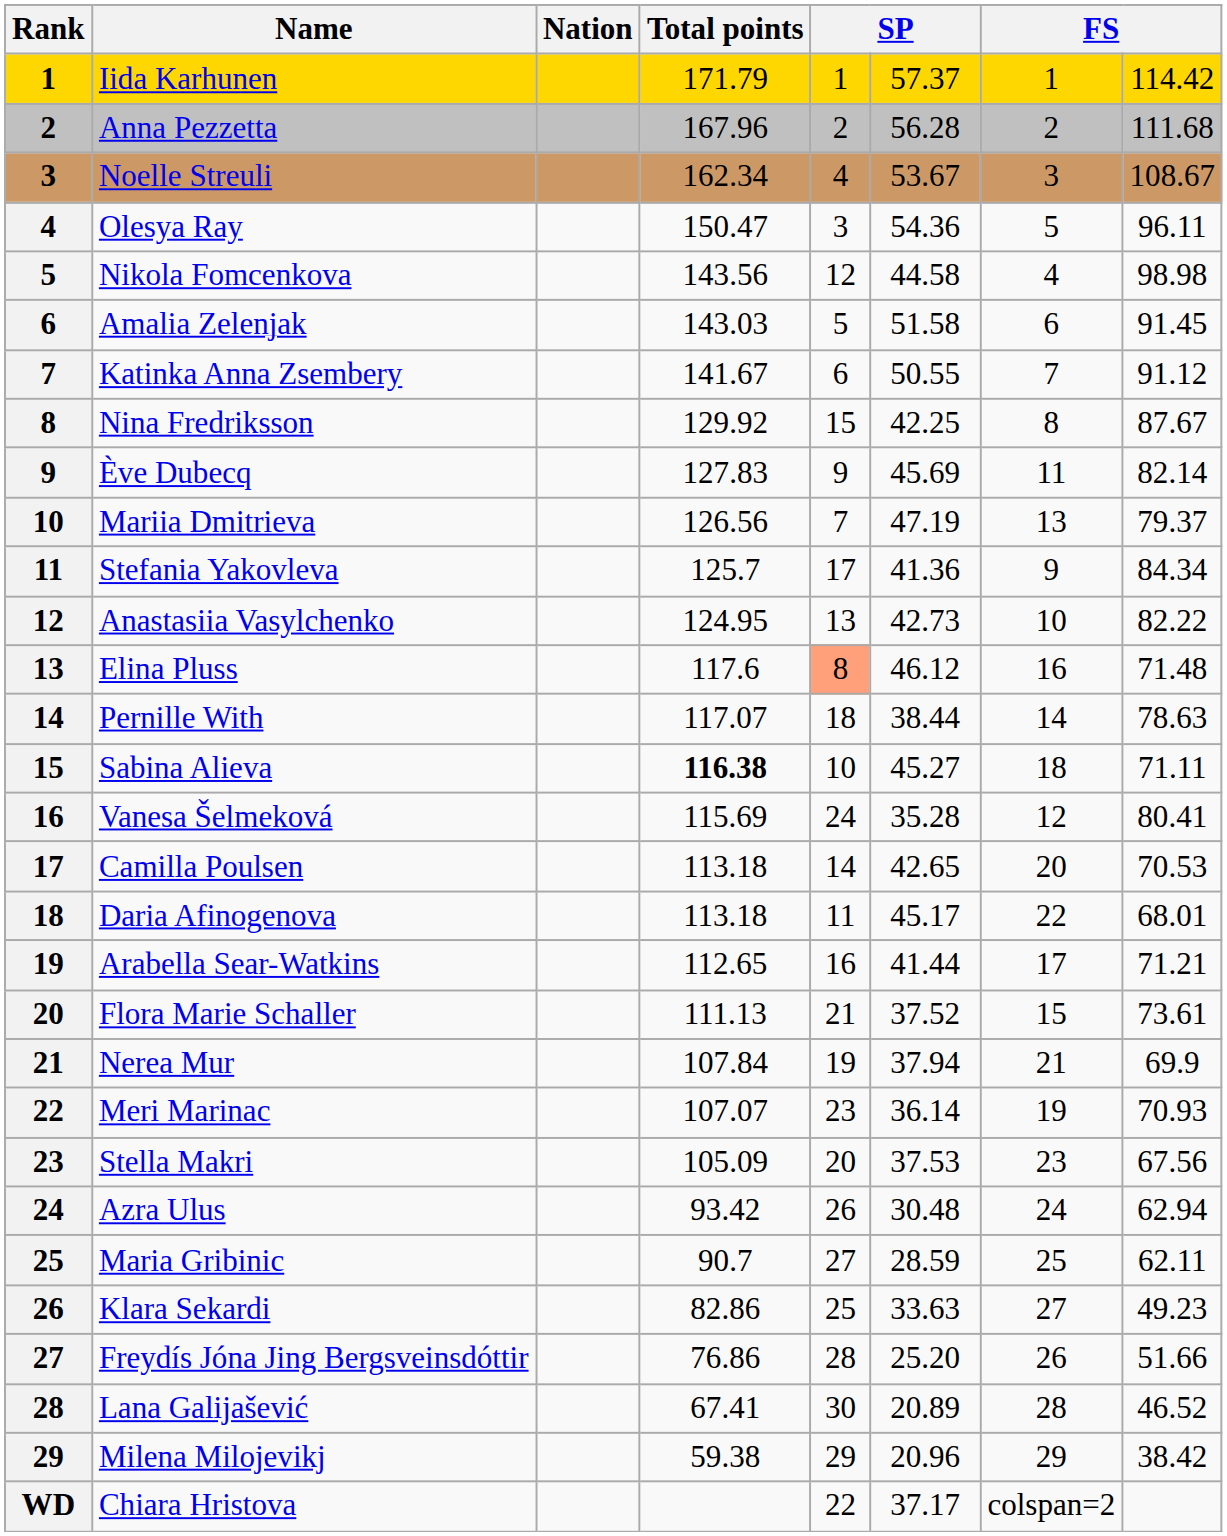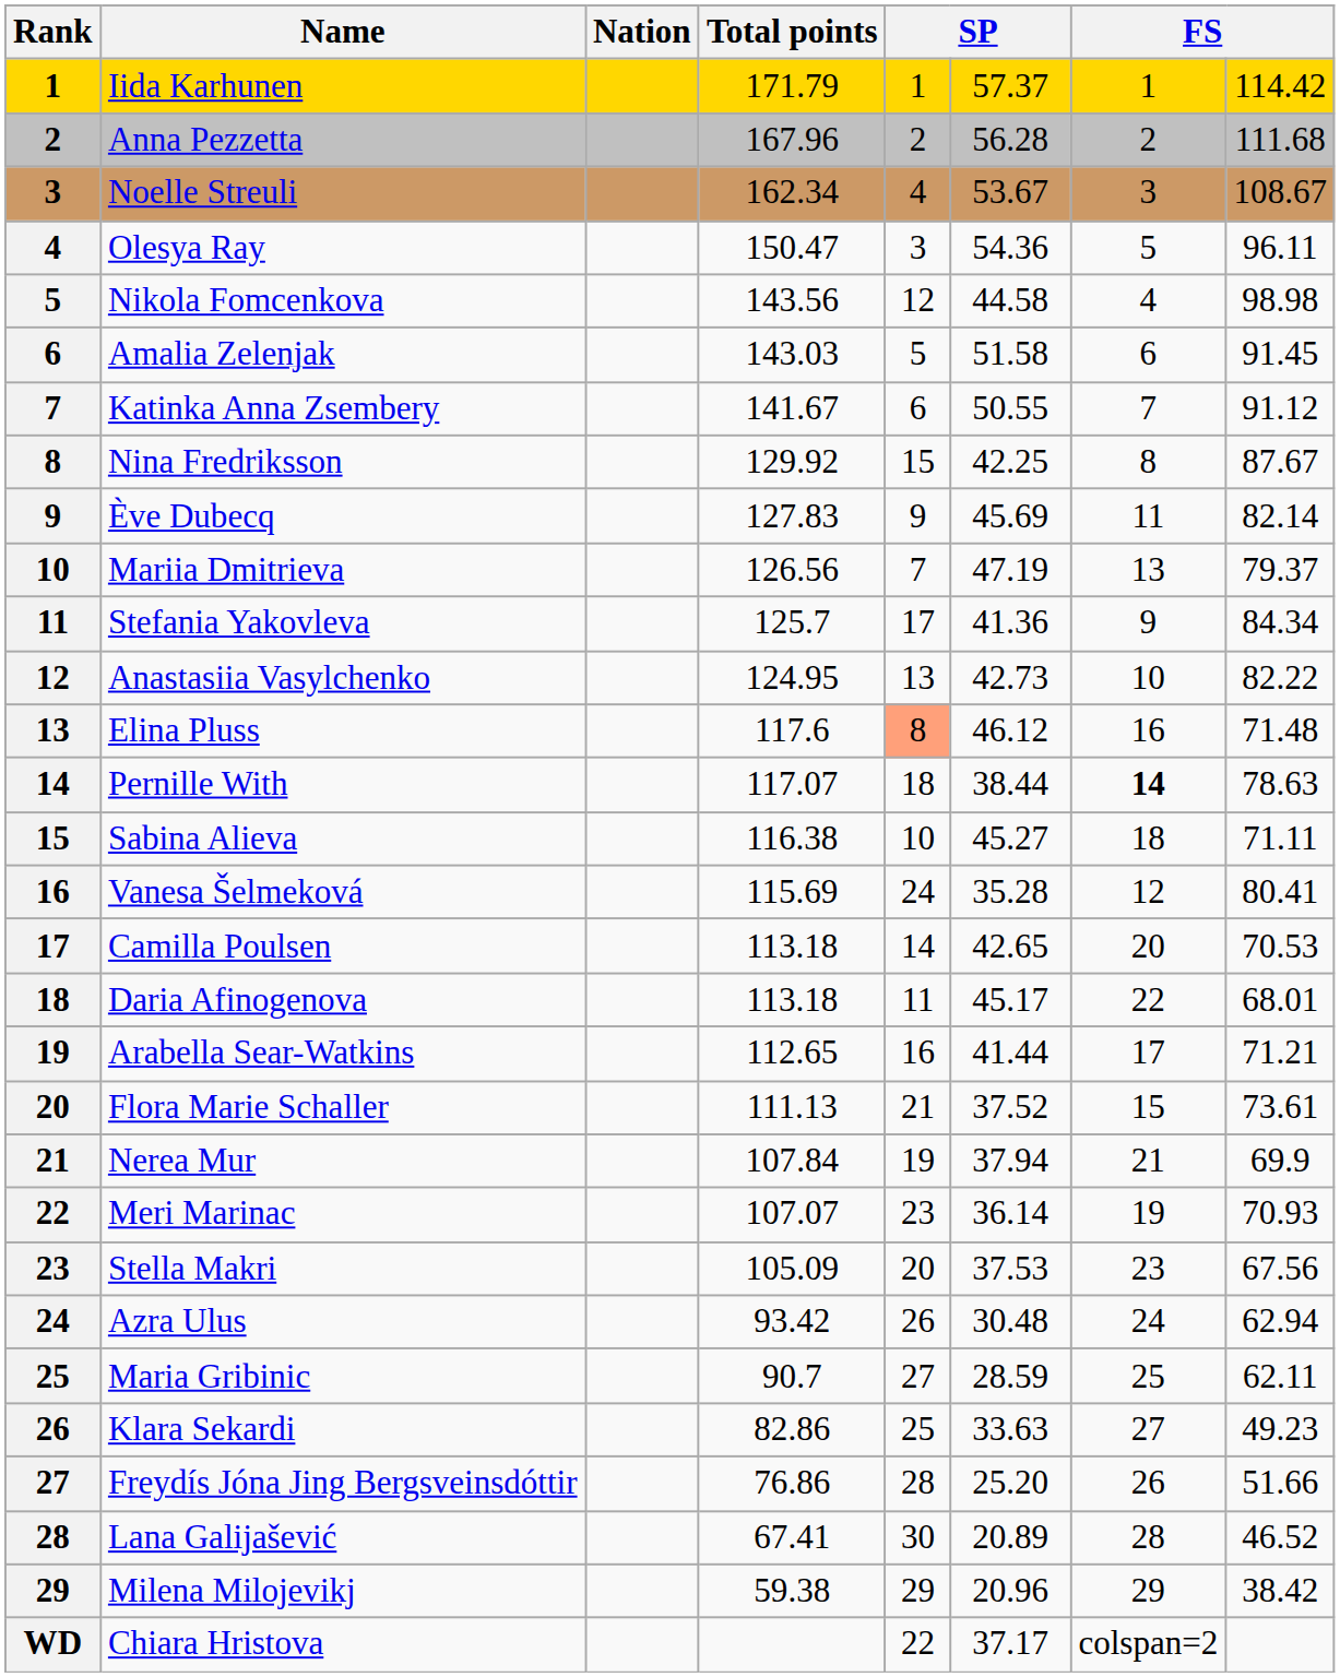 <table class="wikitable sortable" style="text-align:center;">
 <tr>
 <th>Rank</th>
 <th>Name</th>
 <th>Nation</th>
 <th>Total points</th>
 <th colspan="2" width="80px"><a href='#'>SP</a></th>
 <th colspan="2" width="80px"><a href='#'>FS</a></th>
 </tr>
 <tr bgcolor="gold">
 <td><strong>1</strong></td>
 <td align="left"><a href='#'>Iida Karhunen</a></td>
 <td align="left"></td>
 <td>171.79</td>
 <td>1</td>
 <td>57.37</td>
 <td>1</td>
 <td>114.42</td>
 </tr>
 <tr bgcolor="silver">
 <td><strong>2</strong></td>
 <td align="left"><a href='#'>Anna Pezzetta</a></td>
 <td align="left"></td>
 <td>167.96</td>
 <td>2</td>
 <td>56.28</td>
 <td>2</td>
 <td>111.68</td>
 </tr>
 <tr bgcolor="CC9966">
 <td><strong>3</strong></td>
 <td align="left"><a href='#'>Noelle Streuli</a></td>
 <td align="left"></td>
 <td>162.34</td>
 <td>4</td>
 <td>53.67</td>
 <td>3</td>
 <td>108.67</td>
 </tr>
 <tr>
 <th><strong>4</strong></th>
 <td align="left"><a href='#'>Olesya Ray</a></td>
 <td align="left"></td>
 <td>150.47</td>
 <td>3</td>
 <td>54.36</td>
 <td>5</td>
 <td>96.11</td>
 </tr>
 <tr>
 <th><strong>5</strong></th>
 <td align="left"><a href='#'>Nikola Fomcenkova</a></td>
 <td align="left"></td>
 <td>143.56</td>
 <td>12</td>
 <td>44.58</td>
 <td>4</td>
 <td>98.98</td>
 </tr>
 <tr>
 <th><strong>6</strong></th>
 <td align="left"><a href='#'>Amalia Zelenjak</a></td>
 <td align="left"></td>
 <td>143.03</td>
 <td>5</td>
 <td>51.58</td>
 <td>6</td>
 <td>91.45</td>
 </tr>
 <tr>
 <th><strong>7</strong></th>
 <td align="left"><a href='#'>Katinka Anna Zsembery</a></td>
 <td align="left"></td>
 <td>141.67</td>
 <td>6</td>
 <td>50.55</td>
 <td>7</td>
 <td>91.12</td>
 </tr>
 <tr>
 <th><strong>8</strong></th>
 <td align="left"><a href='#'>Nina Fredriksson</a></td>
 <td align="left"></td>
 <td>129.92</td>
 <td>15</td>
 <td>42.25</td>
 <td>8</td>
 <td>87.67</td>
 </tr>
 <tr>
 <th><strong>9</strong></th>
 <td align="left"><a href='#'>Ève Dubecq</a></td>
 <td align="left"></td>
 <td>127.83</td>
 <td>9</td>
 <td>45.69</td>
 <td>11</td>
 <td>82.14</td>
 </tr>
 <tr>
 <th><strong>10</strong></th>
 <td align="left"><a href='#'>Mariia Dmitrieva</a></td>
 <td align="left"></td>
 <td>126.56</td>
 <td>7</td>
 <td>47.19</td>
 <td>13</td>
 <td>79.37</td>
 </tr>
 <tr>
 <th><strong>11</strong></th>
 <td align="left"><a href='#'>Stefania Yakovleva</a></td>
 <td align="left"></td>
 <td>125.7</td>
 <td>17</td>
 <td>41.36</td>
 <td>9</td>
 <td>84.34</td>
 </tr>
 <tr>
 <th><strong>12</strong></th>
 <td align="left"><a href='#'>Anastasiia Vasylchenko</a></td>
 <td align="left"></td>
 <td>124.95</td>
 <td>13</td>
 <td>42.73</td>
 <td>10</td>
 <td>82.22</td>
 </tr>
 <tr>
 <th><strong>13</strong></th>
 <td align="left"><a href='#'>Elina Pluss</a></td>
 <td align="left"></td>
 <td>117.6</td>
 <td style="background: lightsalmon;">8</td>
 <td>46.12</td>
 <td>16</td>
 <td>71.48</td>
 </tr>
 <tr>
 <th><strong>14</strong></th>
 <td align="left"><a href='#'>Pernille With</a></td>
 <td align="left"></td>
 <td>117.07</td>
 <td>18</td>
 <td>38.44</td>
-<td>14</td>
+<td><strong>14</strong></td>
 <td>78.63</td>
 </tr>
 <tr>
 <th><strong>15</strong></th>
 <td align="left"><a href='#'>Sabina Alieva</a></td>
 <td align="left"></td>
-<td><strong>116.38</strong></td>
+<td>116.38</td>
 <td>10</td>
 <td>45.27</td>
 <td>18</td>
 <td>71.11</td>
 </tr>
 <tr>
 <th><strong>16</strong></th>
 <td align="left"><a href='#'>Vanesa Šelmeková</a></td>
 <td align="left"></td>
 <td>115.69</td>
 <td>24</td>
 <td>35.28</td>
 <td>12</td>
 <td>80.41</td>
 </tr>
 <tr>
 <th><strong>17</strong></th>
 <td align="left"><a href='#'>Camilla Poulsen</a></td>
 <td align="left"></td>
 <td>113.18</td>
 <td>14</td>
 <td>42.65</td>
 <td>20</td>
 <td>70.53</td>
 </tr>
 <tr>
 <th><strong>18</strong></th>
 <td align="left"><a href='#'>Daria Afinogenova</a></td>
 <td align="left"></td>
 <td>113.18</td>
 <td>11</td>
 <td>45.17</td>
 <td>22</td>
 <td>68.01</td>
 </tr>
 <tr>
 <th><strong>19</strong></th>
 <td align="left"><a href='#'>Arabella Sear-Watkins</a></td>
 <td align="left"></td>
 <td>112.65</td>
 <td>16</td>
 <td>41.44</td>
 <td>17</td>
 <td>71.21</td>
 </tr>
 <tr>
 <th><strong>20</strong></th>
 <td align="left"><a href='#'>Flora Marie Schaller</a></td>
 <td align="left"></td>
 <td>111.13</td>
 <td>21</td>
 <td>37.52</td>
 <td>15</td>
 <td>73.61</td>
 </tr>
 <tr>
 <th><strong>21</strong></th>
 <td align="left"><a href='#'>Nerea Mur</a></td>
 <td align="left"></td>
 <td>107.84</td>
 <td>19</td>
 <td>37.94</td>
 <td>21</td>
 <td>69.9</td>
 </tr>
 <tr>
 <th><strong>22</strong></th>
 <td align="left"><a href='#'>Meri Marinac</a></td>
 <td align="left"></td>
 <td>107.07</td>
 <td>23</td>
 <td>36.14</td>
 <td>19</td>
 <td>70.93</td>
 </tr>
 <tr>
 <th><strong>23</strong></th>
 <td align="left"><a href='#'>Stella Makri</a></td>
 <td align="left"></td>
 <td>105.09</td>
 <td>20</td>
 <td>37.53</td>
 <td>23</td>
 <td>67.56</td>
 </tr>
 <tr>
 <th><strong>24</strong></th>
 <td align="left"><a href='#'>Azra Ulus</a></td>
 <td align="left"></td>
 <td>93.42</td>
 <td>26</td>
 <td>30.48</td>
 <td>24</td>
 <td>62.94</td>
 </tr>
 <tr>
 <th><strong>25</strong></th>
 <td align="left"><a href='#'>Maria Gribinic</a></td>
 <td align="left"></td>
 <td>90.7</td>
 <td>27</td>
 <td>28.59</td>
 <td>25</td>
 <td>62.11</td>
 </tr>
 <tr>
 <th><strong>26</strong></th>
 <td align="left"><a href='#'>Klara Sekardi</a></td>
 <td align="left"></td>
 <td>82.86</td>
 <td>25</td>
 <td>33.63</td>
 <td>27</td>
 <td>49.23</td>
 </tr>
 <tr>
 <th><strong>27</strong></th>
 <td align="left"><a href='#'>Freydís Jóna Jing Bergsveinsdóttir</a></td>
 <td align="left"></td>
 <td>76.86</td>
 <td>28</td>
 <td>25.20</td>
 <td>26</td>
 <td>51.66</td>
 </tr>
 <tr>
 <th><strong>28</strong></th>
 <td align="left"><a href='#'>Lana Galijašević</a></td>
 <td align="left"></td>
 <td>67.41</td>
 <td>30</td>
 <td>20.89</td>
 <td>28</td>
 <td>46.52</td>
 </tr>
 <tr>
 <th><strong>29</strong></th>
 <td align="left"><a href='#'>Milena Milojevikj</a></td>
 <td align="left"></td>
 <td>59.38</td>
 <td>29</td>
 <td>20.96</td>
 <td>29</td>
 <td>38.42</td>
 </tr>
 <tr>
 <th><strong>WD</strong></th>
 <td align="left"><a href='#'>Chiara Hristova</a></td>
 <td align="left"></td>
 <td></td>
 <td>22</td>
 <td>37.17</td>
 <td>colspan=2 </td>
 </tr>
 </table>
